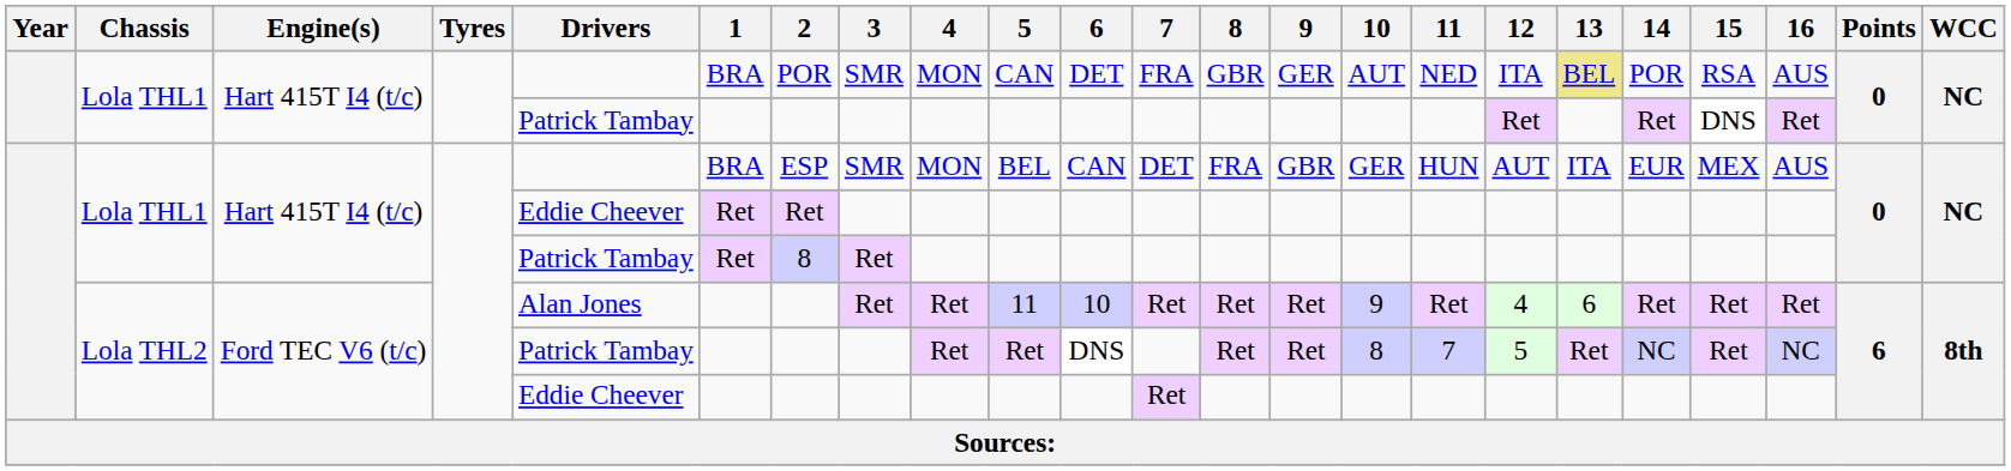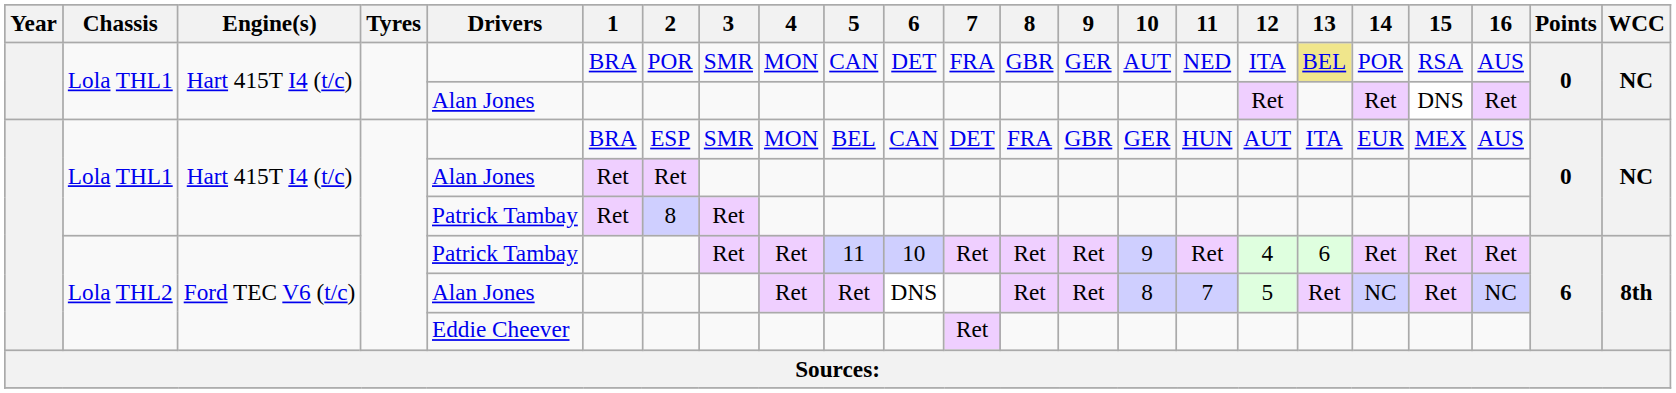 <table class="wikitable" style="text-align:center; font-size:85%">
 <tr>
 <th>Year</th>
 <th>Chassis</th>
 <th>Engine(s)</th>
 <th>Tyres</th>
 <th>Drivers</th>
 <th>1</th>
 <th>2</th>
 <th>3</th>
 <th>4</th>
 <th>5</th>
 <th>6</th>
 <th>7</th>
 <th>8</th>
 <th>9</th>
 <th>10</th>
 <th>11</th>
 <th>12</th>
 <th>13</th>
 <th>14</th>
 <th>15</th>
 <th>16</th>
 <th>Points</th>
 <th>WCC</th>
 </tr>
 <tr>
 <th rowspan="2"></th>
 <td rowspan="2"><a href='#'>Lola</a> <a href='#'>THL1</a></td>
 <td rowspan="2"><a href='#'>Hart</a> 415T <a href='#'>I4</a> (<a href='#'>t/c</a>)</td>
 <td rowspan="2"></td>
 <td></td>
 <td><a href='#'>BRA</a></td>
 <td><a href='#'>POR</a></td>
 <td><a href='#'>SMR</a></td>
 <td><a href='#'>MON</a></td>
 <td><a href='#'>CAN</a></td>
 <td><a href='#'>DET</a></td>
 <td><a href='#'>FRA</a></td>
 <td><a href='#'>GBR</a></td>
 <td><a href='#'>GER</a></td>
 <td><a href='#'>AUT</a></td>
 <td><a href='#'>NED</a></td>
 <td><a href='#'>ITA</a></td>
 <td style="background: khaki;"><a href='#'>BEL</a></td>
 <td><a href='#'>POR</a></td>
 <td><a href='#'>RSA</a></td>
 <td><a href='#'>AUS</a></td>
 <th rowspan="2">0</th>
 <th rowspan="2">NC</th>
 </tr>
 <tr>
-<td align="left"> <a href='#'>Patrick Tambay</a></td>
+<td align="left"> <a href='#'>Alan Jones</a></td>
 <td></td>
 <td></td>
 <td></td>
 <td></td>
 <td></td>
 <td></td>
 <td></td>
 <td></td>
 <td></td>
 <td></td>
 <td></td>
 <td style="background:#EFCFFF;">Ret</td>
 <td></td>
 <td style="background:#EFCFFF;">Ret</td>
 <td style="background:#FFFFFF;">DNS</td>
 <td style="background:#EFCFFF;">Ret</td>
 </tr>
 <tr>
 <th rowspan="6"></th>
 <td rowspan="3"><a href='#'>Lola</a> <a href='#'>THL1</a></td>
 <td rowspan="3"><a href='#'>Hart</a> 415T <a href='#'>I4</a> (<a href='#'>t/c</a>)</td>
 <td rowspan="6"></td>
 <td></td>
 <td><a href='#'>BRA</a></td>
 <td><a href='#'>ESP</a></td>
 <td><a href='#'>SMR</a></td>
 <td><a href='#'>MON</a></td>
 <td><a href='#'>BEL</a></td>
 <td><a href='#'>CAN</a></td>
 <td><a href='#'>DET</a></td>
 <td><a href='#'>FRA</a></td>
 <td><a href='#'>GBR</a></td>
 <td><a href='#'>GER</a></td>
 <td><a href='#'>HUN</a></td>
 <td><a href='#'>AUT</a></td>
 <td><a href='#'>ITA</a></td>
 <td><a href='#'>EUR</a></td>
 <td><a href='#'>MEX</a></td>
 <td><a href='#'>AUS</a></td>
 <th rowspan="3">0</th>
 <th rowspan="3">NC</th>
 </tr>
 <tr>
-<td align="left"> <a href='#'>Eddie Cheever</a></td>
+<td align="left"> <a href='#'>Alan Jones</a></td>
 <td style="background:#EFCFFF;">Ret</td>
 <td style="background:#EFCFFF;">Ret</td>
 <td></td>
 <td></td>
 <td></td>
 <td></td>
 <td></td>
 <td></td>
 <td></td>
 <td></td>
 <td></td>
 <td></td>
 <td></td>
 <td></td>
 <td></td>
 <td></td>
 </tr>
 <tr>
 <td align="left"> <a href='#'>Patrick Tambay</a></td>
 <td style="background:#EFCFFF;">Ret</td>
 <td style="background:#CFCFFF;">8</td>
 <td style="background:#EFCFFF;">Ret</td>
 <td></td>
 <td></td>
 <td></td>
 <td></td>
 <td></td>
 <td></td>
 <td></td>
 <td></td>
 <td></td>
 <td></td>
 <td></td>
 <td></td>
 <td></td>
 </tr>
 <tr>
 <td rowspan="3"><a href='#'>Lola</a> <a href='#'>THL2</a></td>
 <td rowspan="3"><a href='#'>Ford</a> TEC <a href='#'>V6</a> (<a href='#'>t/c</a>)</td>
-<td align="left"> <a href='#'>Alan Jones</a></td>
+<td align="left"> <a href='#'>Patrick Tambay</a></td>
 <td></td>
 <td></td>
 <td style="background:#EFCFFF;">Ret</td>
 <td style="background:#EFCFFF;">Ret</td>
 <td style="background:#CFCFFF;">11</td>
 <td style="background:#CFCFFF;">10</td>
 <td style="background:#EFCFFF;">Ret</td>
 <td style="background:#EFCFFF;">Ret</td>
 <td style="background:#EFCFFF;">Ret</td>
 <td style="background:#CFCFFF;">9</td>
 <td style="background:#EFCFFF;">Ret</td>
 <td style="background:#DFFFDF;">4</td>
 <td style="background:#DFFFDF;">6</td>
 <td style="background:#EFCFFF;">Ret</td>
 <td style="background:#EFCFFF;">Ret</td>
 <td style="background:#EFCFFF;">Ret</td>
 <th rowspan="3">6</th>
 <th rowspan="3">8th</th>
 </tr>
 <tr>
-<td align="left"> <a href='#'>Patrick Tambay</a></td>
+<td align="left"> <a href='#'>Alan Jones</a></td>
 <td></td>
 <td></td>
 <td></td>
 <td style="background:#EFCFFF;">Ret</td>
 <td style="background:#EFCFFF;">Ret</td>
 <td style="background:#FFFFFF;">DNS</td>
 <td></td>
 <td style="background:#EFCFFF;">Ret</td>
 <td style="background:#EFCFFF;">Ret</td>
 <td style="background:#CFCFFF;">8</td>
 <td style="background:#CFCFFF;">7</td>
 <td style="background:#DFFFDF;">5</td>
 <td style="background:#EFCFFF;">Ret</td>
 <td style="background:#CFCFFF;">NC</td>
 <td style="background:#EFCFFF;">Ret</td>
 <td style="background:#CFCFFF;">NC</td>
 </tr>
 <tr>
 <td align="left"> <a href='#'>Eddie Cheever</a></td>
 <td></td>
 <td></td>
 <td></td>
 <td></td>
 <td></td>
 <td></td>
 <td style="background:#EFCFFF;">Ret</td>
 <td></td>
 <td></td>
 <td></td>
 <td></td>
 <td></td>
 <td></td>
 <td></td>
 <td></td>
 <td></td>
 </tr>
 <tr>
 <th colspan="23">Sources:</th>
 </tr>
 </table>
